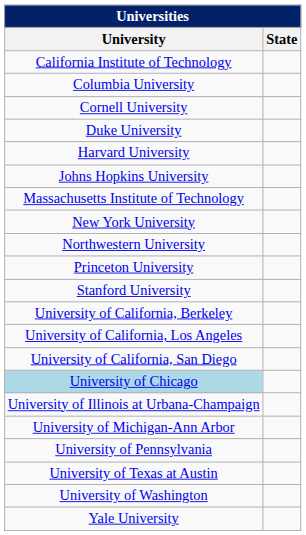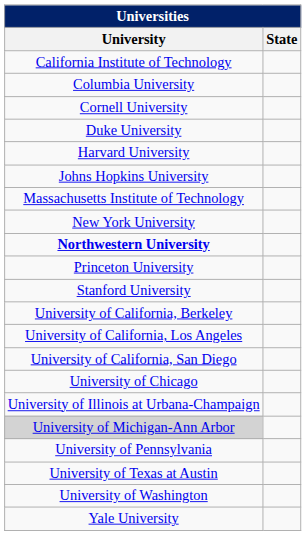 <table class="wikitable sortable collapsible collapsed" style="float:right; text-align:center">
 <tr>
 <th colspan=4 style="background:#012169; color:#FFFFFF; "> Universities</th>
 </tr>
 <tr>
 <th>University</th>
 <th>State</th>
 </tr>
 <tr>
 <td><a href='#'>California Institute of Technology</a></td>
 <td></td>
 </tr>
 <tr>
 <td><a href='#'>Columbia University</a></td>
 <td></td>
 </tr>
 <tr>
 <td><a href='#'>Cornell University</a></td>
 <td></td>
 </tr>
 <tr>
 <td><a href='#'>Duke University</a></td>
 <td></td>
 </tr>
 <tr>
 <td><a href='#'>Harvard University</a></td>
 <td></td>
 </tr>
 <tr>
 <td><a href='#'>Johns Hopkins University</a></td>
 <td></td>
 </tr>
 <tr>
 <td><a href='#'>Massachusetts Institute of Technology</a></td>
 <td></td>
 </tr>
 <tr>
 <td><a href='#'>New York University</a></td>
 <td></td>
 </tr>
 <tr>
-<td><a href='#'>Northwestern University</a></td>
+<td><strong><a href='#'>Northwestern University</a></strong></td>
 <td></td>
 </tr>
 <tr>
 <td><a href='#'>Princeton University</a></td>
 <td></td>
 </tr>
 <tr>
 <td><a href='#'>Stanford University</a></td>
 <td></td>
 </tr>
 <tr>
 <td><a href='#'>University of California, Berkeley</a></td>
 <td></td>
 </tr>
 <tr>
 <td><a href='#'>University of California, Los Angeles</a></td>
 <td></td>
 </tr>
 <tr>
 <td><a href='#'>University of California, San Diego</a></td>
 <td></td>
 </tr>
 <tr>
-<td style="background: lightblue;"><a href='#'>University of Chicago</a></td>
+<td><a href='#'>University of Chicago</a></td>
 <td></td>
 </tr>
 <tr>
 <td><a href='#'>University of Illinois at Urbana-Champaign</a></td>
 <td></td>
 </tr>
 <tr>
-<td><a href='#'>University of Michigan-Ann Arbor</a></td>
+<td style="background: lightgrey;"><a href='#'>University of Michigan-Ann Arbor</a></td>
 <td></td>
 </tr>
 <tr>
 <td><a href='#'>University of Pennsylvania</a></td>
 <td></td>
 </tr>
 <tr>
 <td><a href='#'>University of Texas at Austin</a></td>
 <td></td>
 </tr>
 <tr>
 <td><a href='#'>University of Washington</a></td>
 <td></td>
 </tr>
 <tr>
 <td><a href='#'>Yale University</a></td>
 <td></td>
 </tr>
 </table>
